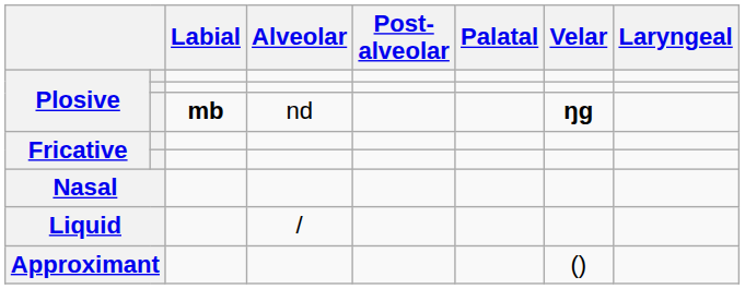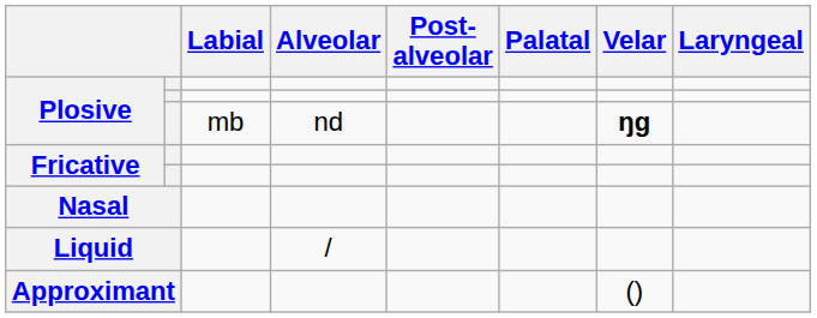 <table class="wikitable" style=text-align:center>
 <tr>
 <th colspan=2></th>
 <th><a href='#'>Labial</a></th>
 <th><a href='#'>Alveolar</a></th>
 <th><a href='#'>Post-<br>alveolar</a></th>
 <th><a href='#'>Palatal</a></th>
 <th><a href='#'>Velar</a></th>
 <th><a href='#'>Laryngeal</a></th>
 </tr>
 <tr>
 <th rowspan=3><a href='#'>Plosive</a></th>
 <th></th>
 <td></td>
 <td></td>
 <td></td>
 <td></td>
 <td></td>
 <td></td>
 </tr>
 <tr>
 <th></th>
 <td></td>
 <td></td>
 <td></td>
 <td></td>
 <td></td>
 <td></td>
 </tr>
 <tr>
 <th></th>
-<td><strong>mb</strong></td>
+<td>mb</td>
 <td>nd</td>
 <td></td>
 <td></td>
 <td><strong>ŋg</strong></td>
 <td></td>
 </tr>
 <tr>
 <th rowspan=2><a href='#'>Fricative</a></th>
 <th></th>
 <td></td>
 <td></td>
 <td></td>
 <td></td>
 <td></td>
 <td></td>
 </tr>
 <tr>
 <th></th>
 <td></td>
 <td></td>
 <td></td>
 <td></td>
 <td></td>
 <td></td>
 </tr>
 <tr>
 <th colspan=2><a href='#'>Nasal</a></th>
 <td></td>
 <td></td>
 <td></td>
 <td></td>
 <td></td>
 <td></td>
 </tr>
 <tr>
 <th colspan=2><a href='#'>Liquid</a></th>
 <td></td>
 <td>/</td>
 <td></td>
 <td></td>
 <td></td>
 <td></td>
 </tr>
 <tr>
 <th colspan=2><a href='#'>Approximant</a></th>
 <td></td>
 <td></td>
 <td></td>
 <td></td>
 <td>()</td>
 <td></td>
 </tr>
 </table>
